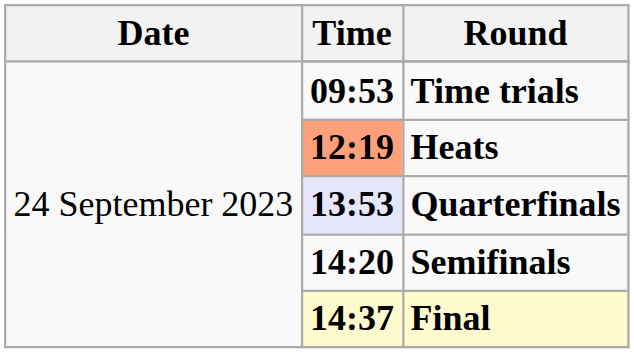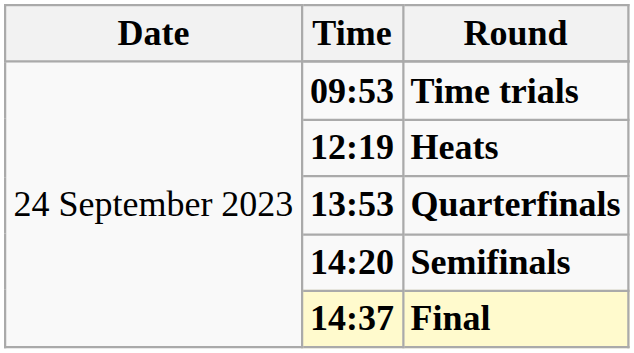 <table class="wikitable">
 <tr>
 <th>Date</th>
 <th>Time</th>
 <th>Round</th>
 </tr>
 <tr>
 <td rowspan=6>24 September 2023</td>
 </tr>
 <tr>
 <td><strong>09:53</strong></td>
 <td><strong>Time trials</strong></td>
 </tr>
 <tr>
-<td style="background: lightsalmon;"><strong>12:19</strong></td>
+<td><strong>12:19</strong></td>
 <td><strong>Heats</strong></td>
 </tr>
 <tr>
-<td style="background: lavender;"><strong>13:53</strong></td>
+<td><strong>13:53</strong></td>
 <td><strong>Quarterfinals</strong></td>
 </tr>
 <tr>
 <td><strong>14:20</strong></td>
 <td><strong>Semifinals</strong></td>
 </tr>
 <tr style=background:lemonchiffon>
 <td><strong>14:37</strong></td>
 <td><strong>Final</strong></td>
 </tr>
 </table>
